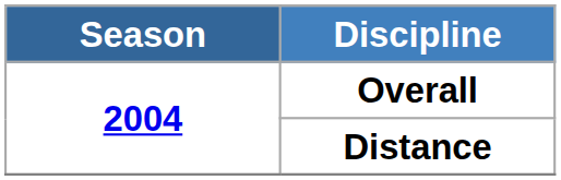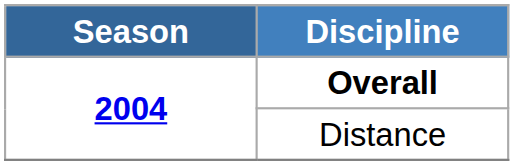 <table class="wikitable" style="font-size:95%; text-align:center; border:grey solid 1px; border-collapse:collapse; background:#ffffff;">
 <tr style="background-color:#369; color:white;">
 <td rowspan="2" colspan="1" style="width:110px"><strong>Season</strong></td>
 </tr>
 <tr style="background-color:#4180be; color:white;">
 <td style="width:110px"><strong>Discipline</strong></td>
 </tr>
 <tr>
 <td rowspan=2><strong><a href='#'>2004</a></strong></td>
 <td><strong>Overall</strong></td>
 </tr>
 <tr>
-<td><strong>Distance</strong></td>
+<td>Distance</td>
 </tr>
 <tr>
 </tr>
 </table>
